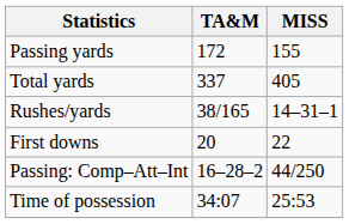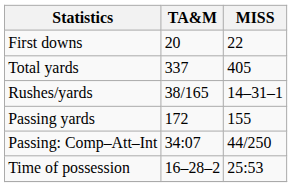 <table class="wikitable" style="float: left;">
 <tr>
 <th>Statistics</th>
 <th>TA&M</th>
 <th>MISS</th>
 </tr>
 <tr>
-<td>Passing yards</td>
-<td>172</td>
-<td>155</td>
+<td>First downs</td>
+<td>20</td>
+<td>22</td>
 </tr>
 <tr>
 <td>Total yards</td>
 <td>337</td>
 <td>405</td>
 </tr>
 <tr>
 <td>Rushes/yards</td>
 <td>38/165</td>
 <td>14–31–1</td>
 </tr>
 <tr>
-<td>First downs</td>
-<td>20</td>
-<td>22</td>
+<td>Passing yards</td>
+<td>172</td>
+<td>155</td>
 </tr>
 <tr>
 <td>Passing: Comp–Att–Int</td>
-<td>16–28–2</td>
+<td>34:07</td>
 <td>44/250</td>
 </tr>
 <tr>
 <td>Time of possession</td>
-<td>34:07</td>
+<td>16–28–2</td>
 <td>25:53</td>
 </tr>
 <tr>
 </tr>
 </table>
